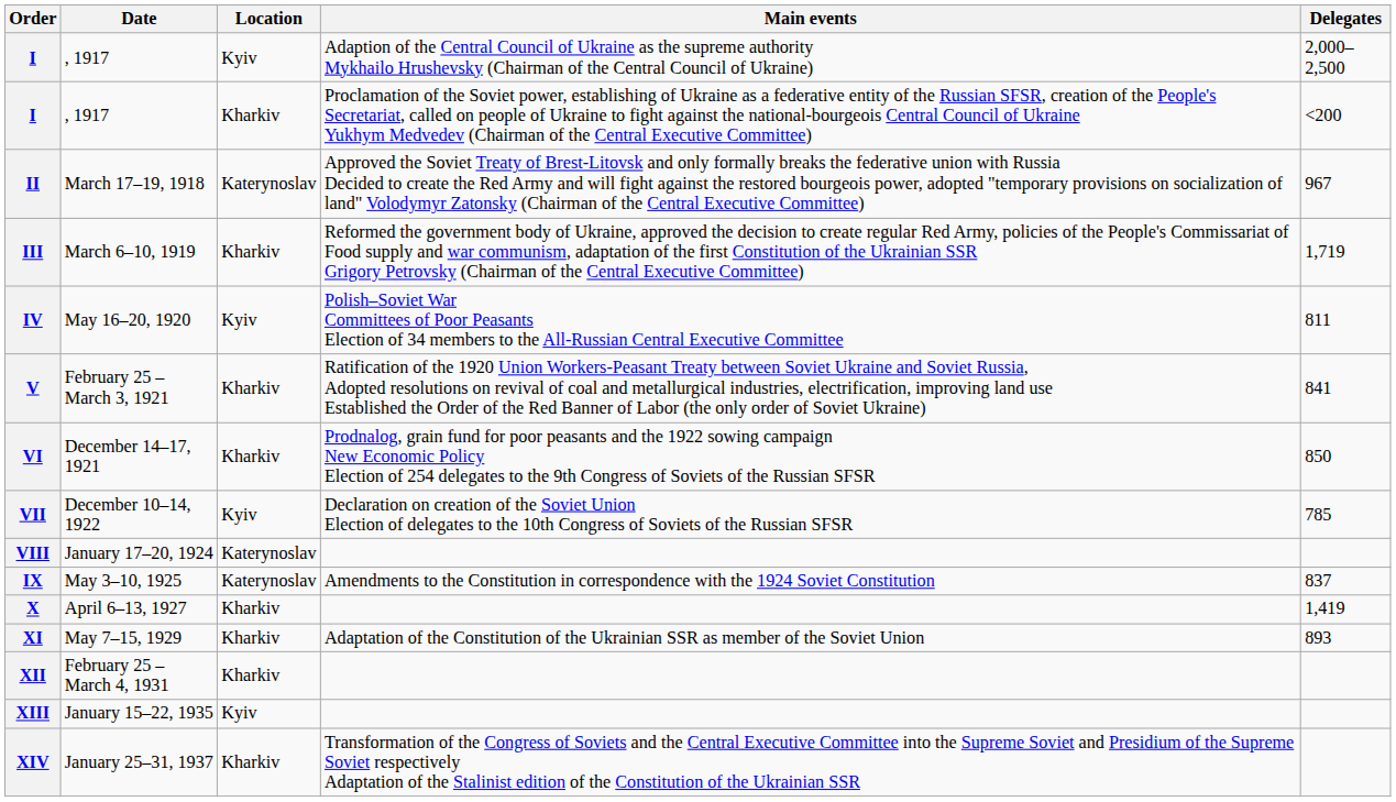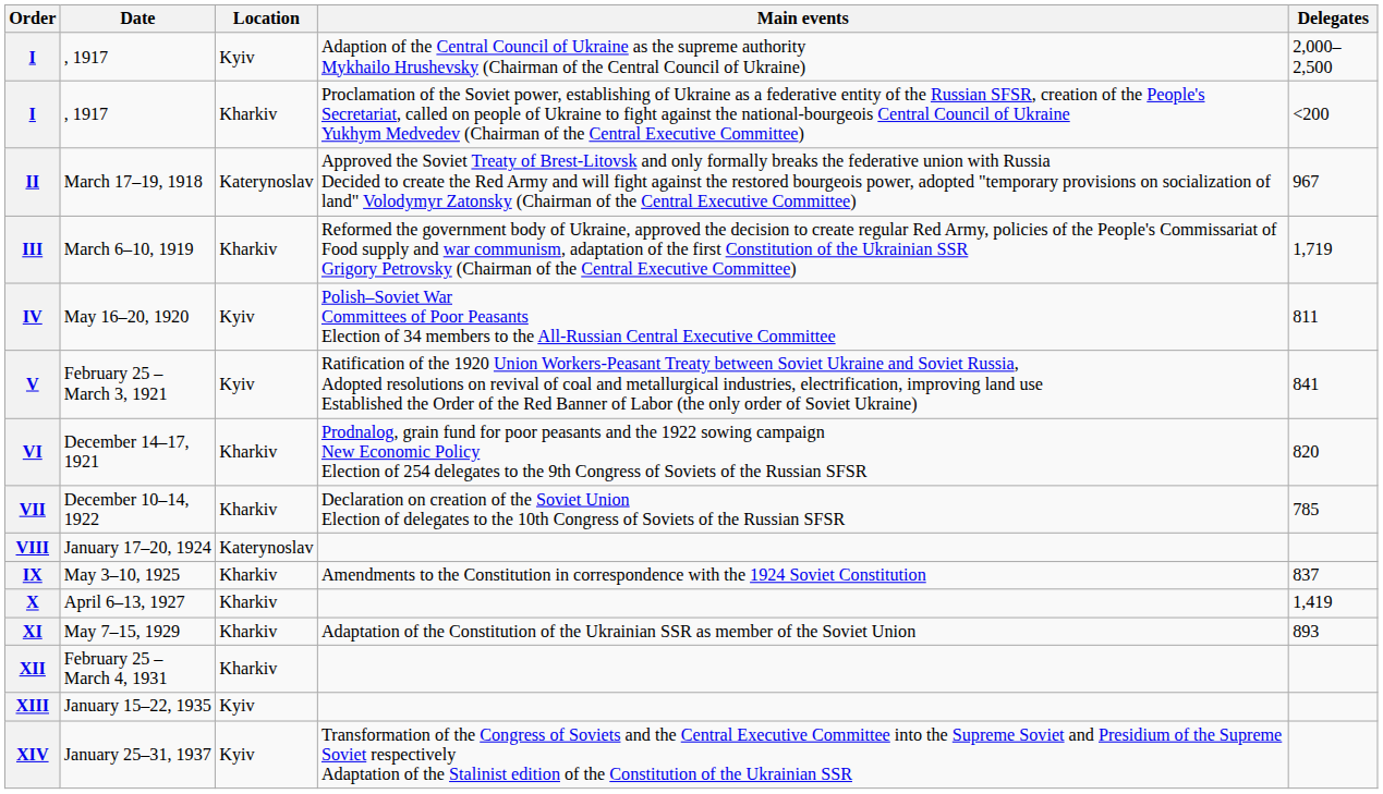 <table class="wikitable">
 <tr>
 <th>Order</th>
 <th>Date</th>
 <th>Location</th>
 <th>Main events</th>
 <th>Delegates</th>
 </tr>
 <tr>
 <th><a href='#'>I</a><br></th>
 <td>, 1917</td>
 <td>Kyiv</td>
 <td>Adaption of the <a href='#'>Central Council of Ukraine</a> as the supreme authority<br><a href='#'>Mykhailo Hrushevsky</a> (Chairman of the Central Council of Ukraine)</td>
 <td>2,000–2,500</td>
 </tr>
 <tr>
 <th><a href='#'>I</a> </th>
 <td>, 1917</td>
 <td>Kharkiv</td>
 <td>Proclamation of the Soviet power, establishing of Ukraine as a federative entity of the <a href='#'>Russian SFSR</a>, creation of the <a href='#'>People's Secretariat</a>, called on people of Ukraine to fight against the national-bourgeois <a href='#'>Central Council of Ukraine</a><br><a href='#'>Yukhym Medvedev</a> (Chairman of the <a href='#'>Central Executive Committee</a>)</td>
 <td><200</td>
 </tr>
 <tr>
 <th><a href='#'>II</a></th>
 <td>March 17–19, 1918</td>
 <td>Katerynoslav</td>
 <td>Approved the Soviet <a href='#'>Treaty of Brest-Litovsk</a> and only formally breaks the federative union with Russia<br>Decided to create the Red Army and will fight against the restored bourgeois power, adopted "temporary provisions on socialization of land" <a href='#'>Volodymyr Zatonsky</a> (Chairman of the <a href='#'>Central Executive Committee</a>)</td>
 <td>967</td>
 </tr>
 <tr>
 <th><a href='#'>III</a></th>
 <td>March 6–10, 1919</td>
 <td>Kharkiv</td>
 <td>Reformed the government body of Ukraine, approved the decision to create regular Red Army, policies of the People's Commissariat of Food supply and <a href='#'>war communism</a>, adaptation of the first <a href='#'>Constitution of the Ukrainian SSR</a><br><a href='#'>Grigory Petrovsky</a> (Chairman of the <a href='#'>Central Executive Committee</a>)</td>
 <td>1,719</td>
 </tr>
 <tr>
 <th><a href='#'>IV</a></th>
 <td>May 16–20, 1920</td>
 <td>Kyiv</td>
 <td><a href='#'>Polish&ndash;Soviet War</a><br><a href='#'>Committees of Poor Peasants</a><br> Election of 34 members to the <a href='#'>All-Russian Central Executive Committee</a></td>
 <td>811</td>
 </tr>
 <tr>
 <th><a href='#'>V</a></th>
 <td>February 25 – March 3, 1921</td>
-<td>Kharkiv</td>
+<td>Kyiv</td>
 <td>Ratification of the 1920 <a href='#'>Union Workers-Peasant Treaty between Soviet Ukraine and Soviet Russia</a>,<br>Adopted resolutions on revival of coal and metallurgical industries, electrification, improving land use<br> Established the Order of the Red Banner of Labor (the only order of Soviet Ukraine)</td>
 <td>841</td>
 </tr>
 <tr>
 <th><a href='#'>VI</a></th>
 <td>December 14–17, 1921</td>
 <td>Kharkiv</td>
 <td><a href='#'>Prodnalog</a>, grain fund for poor peasants and the 1922 sowing campaign<br><a href='#'>New Economic Policy</a><br> Election of 254 delegates to the 9th Congress of Soviets of the Russian SFSR</td>
-<td>850</td>
+<td>820</td>
 </tr>
 <tr>
 <th><a href='#'>VII</a></th>
 <td>December 10–14, 1922</td>
-<td>Kyiv</td>
+<td>Kharkiv</td>
 <td>Declaration on creation of the <a href='#'>Soviet Union</a><br>Election of delegates to the 10th Congress of Soviets of the Russian SFSR</td>
 <td>785</td>
 </tr>
 <tr>
 <th><a href='#'>VIII</a></th>
 <td>January 17–20, 1924</td>
 <td>Katerynoslav</td>
 <td></td>
 <td></td>
 </tr>
 <tr>
 <th><a href='#'>IX</a></th>
 <td>May 3–10, 1925</td>
-<td>Katerynoslav</td>
+<td>Kharkiv</td>
 <td>Amendments to the Constitution in correspondence with the <a href='#'>1924 Soviet Constitution</a></td>
 <td>837</td>
 </tr>
 <tr>
 <th><a href='#'>X</a></th>
 <td>April 6–13, 1927</td>
 <td>Kharkiv</td>
 <td></td>
 <td>1,419</td>
 </tr>
 <tr>
 <th><a href='#'>XI</a></th>
 <td>May 7–15, 1929</td>
 <td>Kharkiv</td>
 <td>Adaptation of the Constitution of the Ukrainian SSR as member of the Soviet Union</td>
 <td>893</td>
 </tr>
 <tr>
 <th><a href='#'>XII</a></th>
 <td>February 25 – March 4, 1931</td>
 <td>Kharkiv</td>
 <td></td>
 <td></td>
 </tr>
 <tr>
 <th><a href='#'>XIII</a></th>
 <td>January 15–22, 1935</td>
 <td>Kyiv</td>
 <td></td>
 <td></td>
 </tr>
 <tr>
 <th><a href='#'>XIV</a><br></th>
 <td>January 25–31, 1937</td>
-<td>Kharkiv</td>
+<td>Kyiv</td>
 <td>Transformation of the <a href='#'>Congress of Soviets</a> and the <a href='#'>Central Executive Committee</a> into the <a href='#'>Supreme Soviet</a> and <a href='#'>Presidium of the Supreme Soviet</a> respectively<br>Adaptation of the <a href='#'>Stalinist edition</a> of the <a href='#'>Constitution of the Ukrainian SSR</a></td>
 <td></td>
 </tr>
 </table>
